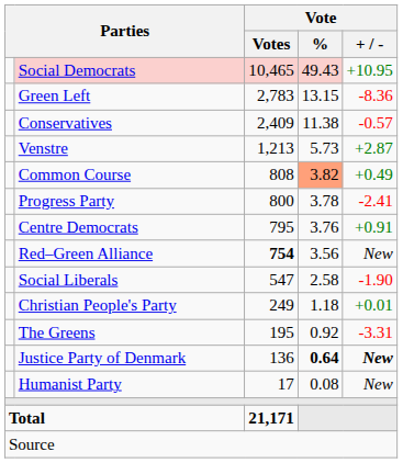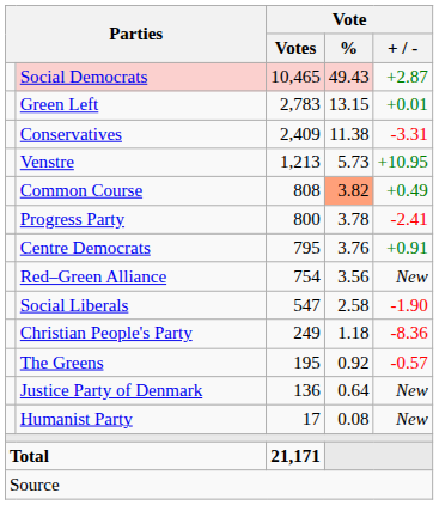 <table class="wikitable" style="text-align:right;">
 <tr>
 <th style="text-align:centre;" rowspan="2" colspan="2" width="225">Parties</th>
 <th colspan="3">Vote</th>
 </tr>
 <tr>
 <th width="15">Votes</th>
 <th width="15">%</th>
 <th width="15">+ / -</th>
 </tr>
 <tr>
 <td width="2" style="color:inherit;background:"></td>
 <td bgcolor=#fbd0ce  align="left"><a href='#'>Social Democrats</a></td>
 <td bgcolor=#fbd0ce>10,465</td>
 <td bgcolor=#fbd0ce>49.43</td>
-<td style=color:green;>+10.95</td>
+<td style=color:green;>+2.87</td>
 </tr>
 <tr>
 <td width="2" style="color:inherit;background:"></td>
 <td align="left"><a href='#'>Green Left</a></td>
 <td>2,783</td>
 <td>13.15</td>
-<td style=color:red;>-8.36</td>
+<td style=color:green;>+0.01</td>
 </tr>
 <tr>
 <td width="2" style="color:inherit;background:"></td>
 <td align="left"><a href='#'>Conservatives</a></td>
 <td>2,409</td>
 <td>11.38</td>
-<td style=color:red;>-0.57</td>
+<td style=color:red;>-3.31</td>
 </tr>
 <tr>
 <td width="2" style="color:inherit;background:"></td>
 <td align="left"><a href='#'>Venstre</a></td>
 <td>1,213</td>
 <td>5.73</td>
-<td style=color:green;>+2.87</td>
+<td style=color:green;>+10.95</td>
 </tr>
 <tr>
 <td width="2" style="color:inherit;background:"></td>
 <td align="left"><a href='#'>Common Course</a></td>
 <td>808</td>
 <td style="background: lightsalmon;">3.82</td>
 <td style=color:green;>+0.49</td>
 </tr>
 <tr>
 <td width="2" style="color:inherit;background:"></td>
 <td align="left"><a href='#'>Progress Party</a></td>
 <td>800</td>
 <td>3.78</td>
 <td style=color:red;>-2.41</td>
 </tr>
 <tr>
 <td width="2" style="color:inherit;background:"></td>
 <td align="left"><a href='#'>Centre Democrats</a></td>
 <td>795</td>
 <td>3.76</td>
 <td style=color:green;>+0.91</td>
 </tr>
 <tr>
 <td width="2" style="color:inherit;background:"></td>
 <td align="left"><a href='#'>Red–Green Alliance</a></td>
-<td><strong>754</strong></td>
+<td>754</td>
 <td>3.56</td>
 <td><em>New</em></td>
 </tr>
 <tr>
 <td width="2" style="color:inherit;background:"></td>
 <td align="left"><a href='#'>Social Liberals</a></td>
 <td>547</td>
 <td>2.58</td>
 <td style=color:red;>-1.90</td>
 </tr>
 <tr>
 <td width="2" style="color:inherit;background:"></td>
 <td align="left"><a href='#'>Christian People's Party</a></td>
 <td>249</td>
 <td>1.18</td>
-<td style=color:green;>+0.01</td>
+<td style=color:red;>-8.36</td>
 </tr>
 <tr>
 <td width="2" style="color:inherit;background:"></td>
 <td align="left"><a href='#'>The Greens</a></td>
 <td>195</td>
 <td>0.92</td>
-<td style=color:red;>-3.31</td>
+<td style=color:red;>-0.57</td>
 </tr>
 <tr>
 <td width="2" style="color:inherit;background:"></td>
 <td align="left"><a href='#'>Justice Party of Denmark</a></td>
 <td>136</td>
-<td><strong>0.64</strong></td>
-<td><strong><em>New</em></strong></td>
+<td>0.64</td>
+<td><em>New</em></td>
 </tr>
 <tr>
 <td width="2" style="color:inherit;background:"></td>
 <td align="left"><a href='#'>Humanist Party</a></td>
 <td>17</td>
 <td>0.08</td>
 <td><em>New</em></td>
 </tr>
 <tr>
 <td colspan="7" bgcolor="#E9E9E9"></td>
 </tr>
 <tr>
 <td align="left" colspan="2"><strong>Total</strong></td>
 <td><strong>21,171</strong></td>
 <td bgcolor="#E9E9E9" colspan="2"></td>
 </tr>
 <tr>
 <td align="left" colspan="6">Source</td>
 </tr>
 </table>
